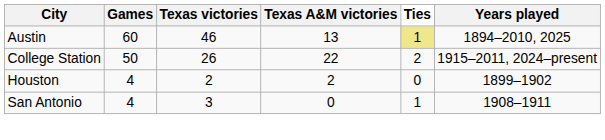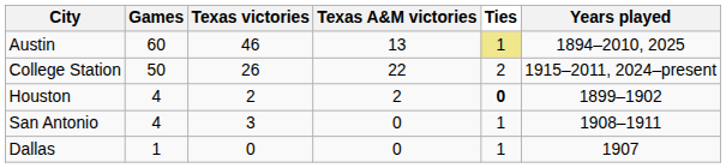 <table class="wikitable sortable">
 <tr>
 <th>City</th>
 <th>Games</th>
 <th>Texas victories</th>
 <th>Texas A&M victories</th>
 <th style="text-align:center; background:white; color:black;">Ties</th>
 <th>Years played</th>
 </tr>
 <tr>
 <td>Austin</td>
 <td style="text-align:center;">60</td>
 <td style="text-align:center;">46</td>
 <td style="text-align:center;">13</td>
 <td style="background: khaki; text-align:center;">1</td>
 <td style="text-align:center;">1894–2010, 2025</td>
 </tr>
 <tr>
 <td>College Station</td>
 <td style="text-align:center;">50</td>
 <td style="text-align:center;">26</td>
 <td style="text-align:center;">22</td>
 <td style="text-align:center;">2</td>
 <td style="text-align:center;">1915–2011, 2024–present</td>
 </tr>
 <tr>
 <td>Houston</td>
 <td style="text-align:center;">4</td>
 <td style="text-align:center;">2</td>
 <td style="text-align:center;">2</td>
-<td style="text-align:center;">0</td>
+<td style="text-align:center;"><strong>0</strong></td>
 <td style="text-align:center;">1899–1902</td>
 </tr>
 <tr>
 <td>San Antonio</td>
 <td style="text-align:center;">4</td>
 <td style="text-align:center;">3</td>
 <td style="text-align:center;">0</td>
 <td style="text-align:center;">1</td>
 <td style="text-align:center;">1908–1911</td>
 </tr>
+<tr>
+<td>Dallas</td>
+<td style="text-align:center;">1</td>
+<td style="text-align:center;">0</td>
+<td style="text-align:center;">0</td>
+<td style="text-align:center;">1</td>
+<td style="text-align:center;">1907</td>
+</tr>
 </table>
